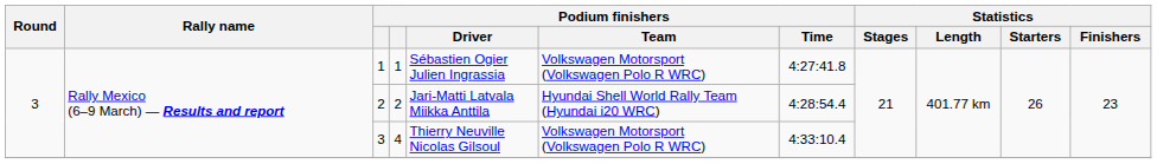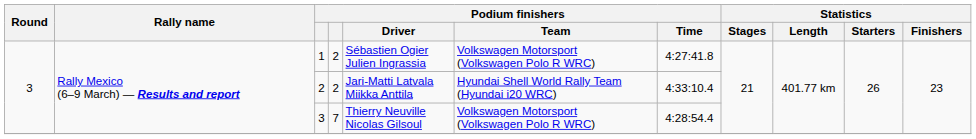 <table class="wikitable" width=90% style="font-size:85%;">
 <tr>
 <th rowspan=2>Round</th>
 <th style="width:22em" rowspan=2>Rally name</th>
 <th colspan=5>Podium finishers</th>
 <th colspan=4>Statistics</th>
 </tr>
 <tr>
 <th></th>
 <th></th>
 <th>Driver</th>
 <th>Team</th>
 <th>Time</th>
 <th>Stages</th>
 <th>Length</th>
 <th>Starters</th>
 <th>Finishers</th>
 </tr>
 <tr>
 <td rowspan=3 align=center>3</td>
 <td rowspan=3 nowrap> <a href='#'>Rally Mexico</a><br>(6–9 March) — <strong><em><a href='#'>Results and report</a></em></strong></td>
 <td align=center>1</td>
-<td align=center>1</td>
+<td align=center>2</td>
 <td nowrap> <a href='#'>Sébastien Ogier</a><br> <a href='#'>Julien Ingrassia</a></td>
 <td nowrap> <a href='#'>Volkswagen Motorsport</a><br> (<a href='#'>Volkswagen Polo R WRC</a>)</td>
 <td align=center>4:27:41.8</td>
 <td rowspan=3 align=center>21</td>
 <td rowspan=3 align=center>401.77 km</td>
 <td rowspan=3 align=center>26</td>
 <td rowspan=3 align=center>23</td>
 </tr>
 <tr>
 <td align=center>2</td>
 <td align=center>2</td>
 <td nowrap> <a href='#'>Jari-Matti Latvala</a><br> <a href='#'>Miikka Anttila</a></td>
 <td nowrap> <a href='#'>Hyundai Shell World Rally Team</a><br> (<a href='#'>Hyundai i20 WRC</a>)</td>
-<td align=center>4:28:54.4</td>
+<td align=center>4:33:10.4</td>
 </tr>
 <tr>
 <td align=center>3</td>
-<td align=center>4</td>
+<td align=center>7</td>
 <td nowrap> <a href='#'>Thierry Neuville</a><br> <a href='#'>Nicolas Gilsoul</a></td>
 <td nowrap> <a href='#'>Volkswagen Motorsport</a><br> (<a href='#'>Volkswagen Polo R WRC</a>)</td>
-<td align=center>4:33:10.4</td>
+<td align=center>4:28:54.4</td>
 </tr>
 <tr>
 </tr>
 </table>
